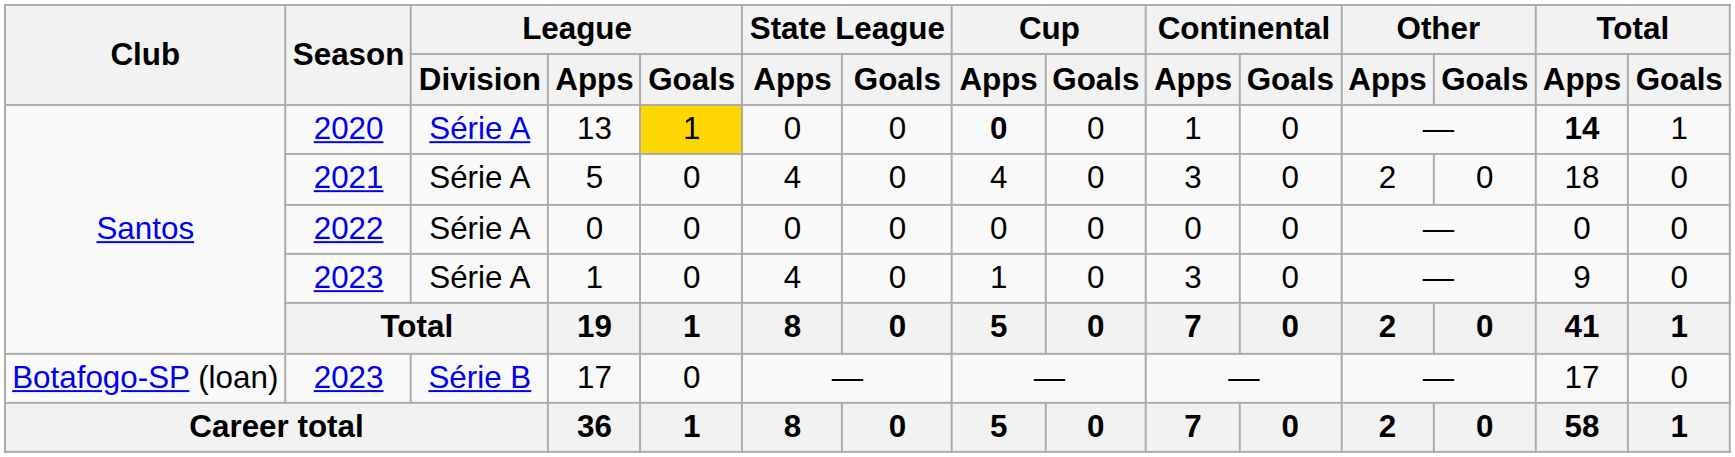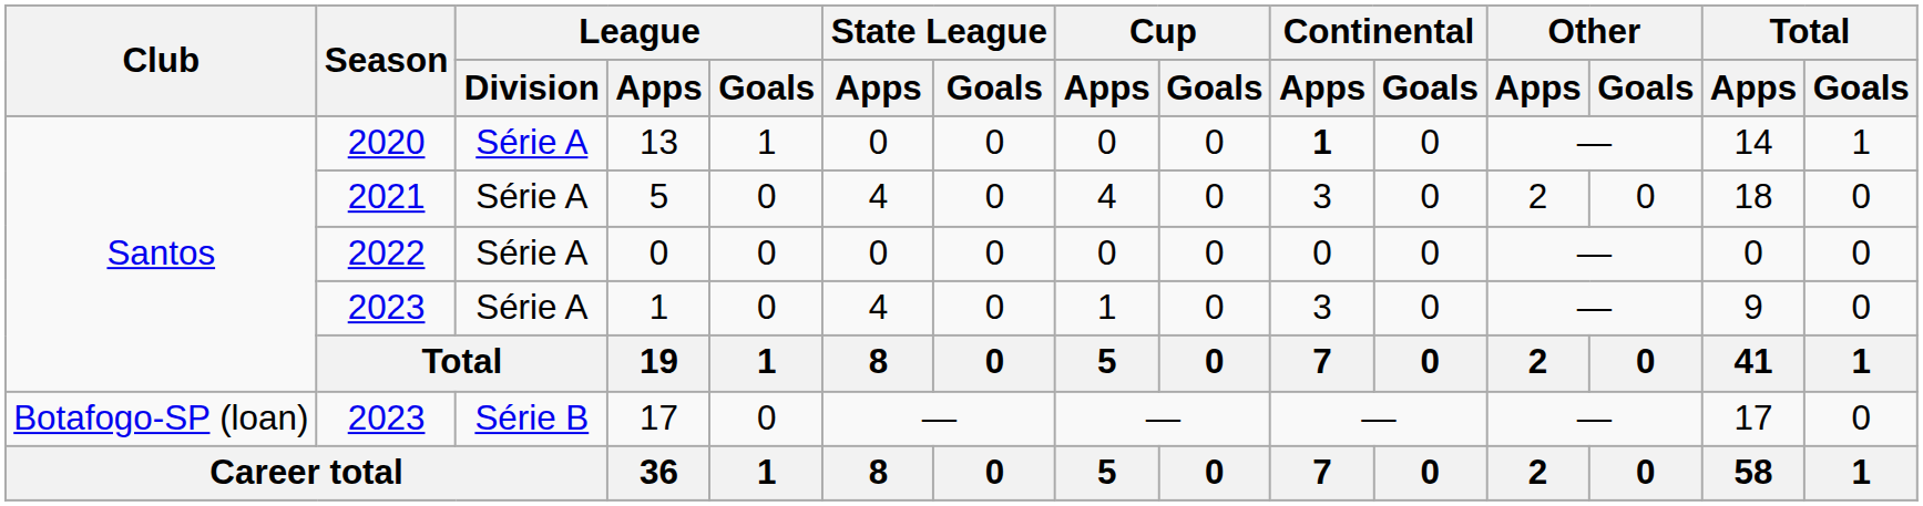 <table class="wikitable" style="text-align: center;">
 <tr>
 <th rowspan="2">Club</th>
 <th rowspan="2">Season</th>
 <th colspan="3">League</th>
 <th colspan="2">State League</th>
 <th colspan="2">Cup</th>
 <th colspan="2">Continental</th>
 <th colspan="2">Other</th>
 <th colspan="2">Total</th>
 </tr>
 <tr>
 <th>Division</th>
 <th>Apps</th>
 <th>Goals</th>
 <th>Apps</th>
 <th>Goals</th>
 <th>Apps</th>
 <th>Goals</th>
 <th>Apps</th>
 <th>Goals</th>
 <th>Apps</th>
 <th>Goals</th>
 <th>Apps</th>
 <th>Goals</th>
 </tr>
 <tr>
 <td rowspan="5" valign="center"><a href='#'>Santos</a></td>
 <td><a href='#'>2020</a></td>
 <td><a href='#'>Série A</a></td>
 <td>13</td>
-<td style="background: gold;">1</td>
+<td>1</td>
 <td>0</td>
 <td>0</td>
-<td><strong>0</strong></td>
 <td>0</td>
-<td>1</td>
+<td>0</td>
+<td><strong>1</strong></td>
 <td>0</td>
 <td colspan="2">—</td>
-<td><strong>14</strong></td>
+<td>14</td>
 <td>1</td>
 </tr>
 <tr>
 <td><a href='#'>2021</a></td>
 <td>Série A</td>
 <td>5</td>
 <td>0</td>
 <td>4</td>
 <td>0</td>
 <td>4</td>
 <td>0</td>
 <td>3</td>
 <td>0</td>
 <td>2</td>
 <td>0</td>
 <td>18</td>
 <td>0</td>
 </tr>
 <tr>
 <td><a href='#'>2022</a></td>
 <td>Série A</td>
 <td>0</td>
 <td>0</td>
 <td>0</td>
 <td>0</td>
 <td>0</td>
 <td>0</td>
 <td>0</td>
 <td>0</td>
 <td colspan="2">—</td>
 <td>0</td>
 <td>0</td>
 </tr>
 <tr>
 <td><a href='#'>2023</a></td>
 <td>Série A</td>
 <td>1</td>
 <td>0</td>
 <td>4</td>
 <td>0</td>
 <td>1</td>
 <td>0</td>
 <td>3</td>
 <td>0</td>
 <td colspan="2">—</td>
 <td>9</td>
 <td>0</td>
 </tr>
 <tr>
 <th colspan="2">Total</th>
 <th>19</th>
 <th>1</th>
 <th>8</th>
 <th>0</th>
 <th>5</th>
 <th>0</th>
 <th>7</th>
 <th>0</th>
 <th>2</th>
 <th>0</th>
 <th>41</th>
 <th>1</th>
 </tr>
 <tr>
 <td><a href='#'>Botafogo-SP</a> (loan)</td>
 <td><a href='#'>2023</a></td>
 <td><a href='#'>Série B</a></td>
 <td>17</td>
 <td>0</td>
 <td colspan="2">—</td>
 <td colspan="2">—</td>
 <td colspan="2">—</td>
 <td colspan="2">—</td>
 <td>17</td>
 <td>0</td>
 </tr>
 <tr>
 <th colspan="3"><strong>Career total</strong></th>
 <th>36</th>
 <th>1</th>
 <th>8</th>
 <th>0</th>
 <th>5</th>
 <th>0</th>
 <th>7</th>
 <th>0</th>
 <th>2</th>
 <th>0</th>
 <th>58</th>
 <th>1</th>
 </tr>
 </table>
